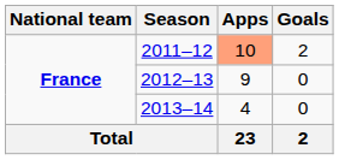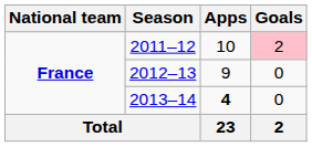 <table class="wikitable" style="text-align:center">
 <tr>
 <th>National team</th>
 <th>Season</th>
 <th>Apps</th>
 <th>Goals</th>
 </tr>
 <tr>
 <td rowspan=3 valign="center"><strong><a href='#'>France</a></strong></td>
 <td><a href='#'>2011–12</a></td>
-<td style="background: lightsalmon;">10</td>
-<td>2</td>
+<td>10</td>
+<td style="background: pink;">2</td>
 </tr>
 <tr>
 <td><a href='#'>2012–13</a></td>
 <td>9</td>
 <td>0</td>
 </tr>
 <tr>
 <td><a href='#'>2013–14</a></td>
-<td>4</td>
+<td><strong>4</strong></td>
 <td>0</td>
 </tr>
 <tr>
 <th colspan=2>Total</th>
 <th>23</th>
 <th>2</th>
 </tr>
 </table>
